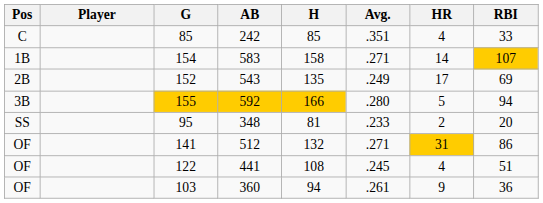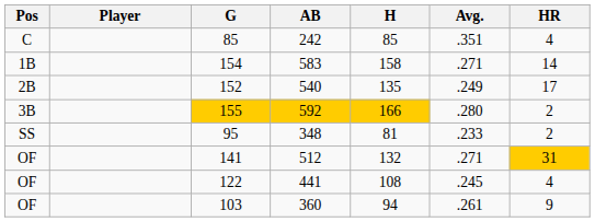 <table class="wikitable sortable">
 <tr>
 <th bgcolor="#DDDDFF" width="5%">Pos</th>
 <th bgcolor="#DDDDFF" width="16%">Player</th>
 <th bgcolor="#DDDDFF" width="9%">G</th>
 <th bgcolor="#DDDDFF" width="9%">AB</th>
 <th bgcolor="#DDDDFF" width="9%">H</th>
 <th bgcolor="#DDDDFF" width="9%">Avg.</th>
 <th bgcolor="#DDDDFF" width="9%">HR</th>
-<th bgcolor="#DDDDFF" width="9%">RBI</th>
 </tr>
 <tr align="center">
 <td>C</td>
 <td></td>
 <td>85</td>
 <td>242</td>
 <td>85</td>
 <td>.351</td>
 <td>4</td>
-<td>33</td>
 </tr>
 <tr align="center">
 <td>1B</td>
 <td></td>
 <td>154</td>
 <td>583</td>
 <td>158</td>
 <td>.271</td>
 <td>14</td>
-<td style="background:#fc0;">107</td>
 </tr>
 <tr align="center">
 <td>2B</td>
 <td></td>
 <td>152</td>
-<td>543</td>
+<td>540</td>
 <td>135</td>
 <td>.249</td>
 <td>17</td>
-<td>69</td>
 </tr>
 <tr align="center">
 <td>3B</td>
 <td></td>
 <td style="background:#fc0;">155</td>
 <td style="background:#fc0;">592</td>
 <td style="background:#fc0;">166</td>
 <td>.280</td>
-<td>5</td>
-<td>94</td>
+<td>2</td>
 </tr>
 <tr align="center">
 <td>SS</td>
 <td></td>
 <td>95</td>
 <td>348</td>
 <td>81</td>
 <td>.233</td>
 <td>2</td>
-<td>20</td>
 </tr>
 <tr align="center">
 <td>OF</td>
 <td></td>
 <td>141</td>
 <td>512</td>
 <td>132</td>
 <td>.271</td>
 <td style="background:#fc0;">31</td>
-<td>86</td>
 </tr>
 <tr align="center">
 <td>OF</td>
 <td></td>
 <td>122</td>
 <td>441</td>
 <td>108</td>
 <td>.245</td>
 <td>4</td>
-<td>51</td>
 </tr>
 <tr align="center">
 <td>OF</td>
 <td></td>
 <td>103</td>
 <td>360</td>
 <td>94</td>
 <td>.261</td>
 <td>9</td>
-<td>36</td>
 </tr>
 </table>
